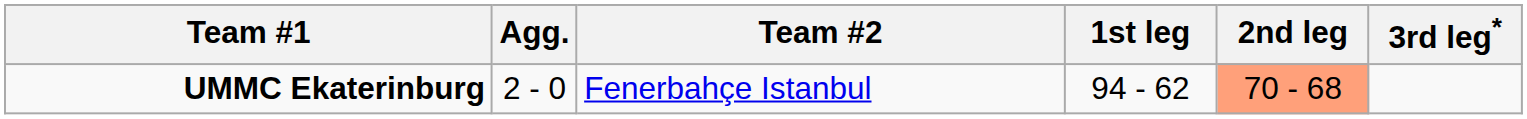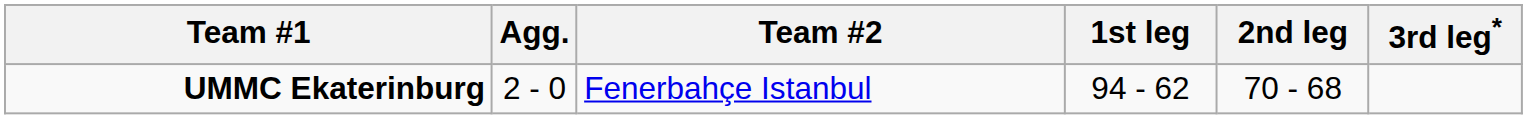 <table class=wikitable style="text-align:center">
 <tr>
 <th width=240>Team #1</th>
 <th width=20>Agg.</th>
 <th width=240>Team #2</th>
 <th width=70>1st leg</th>
 <th width=70>2nd leg</th>
 <th width=70>3rd leg<sup>*</sup></th>
 </tr>
 <tr>
 <td align=right><strong>UMMC Ekaterinburg</strong> </td>
 <td>2 - 0</td>
 <td align=left> <a href='#'>Fenerbahçe Istanbul</a></td>
 <td>94 - 62</td>
-<td style="background: lightsalmon;">70 - 68</td>
+<td>70 - 68</td>
 </tr>
 </table>
